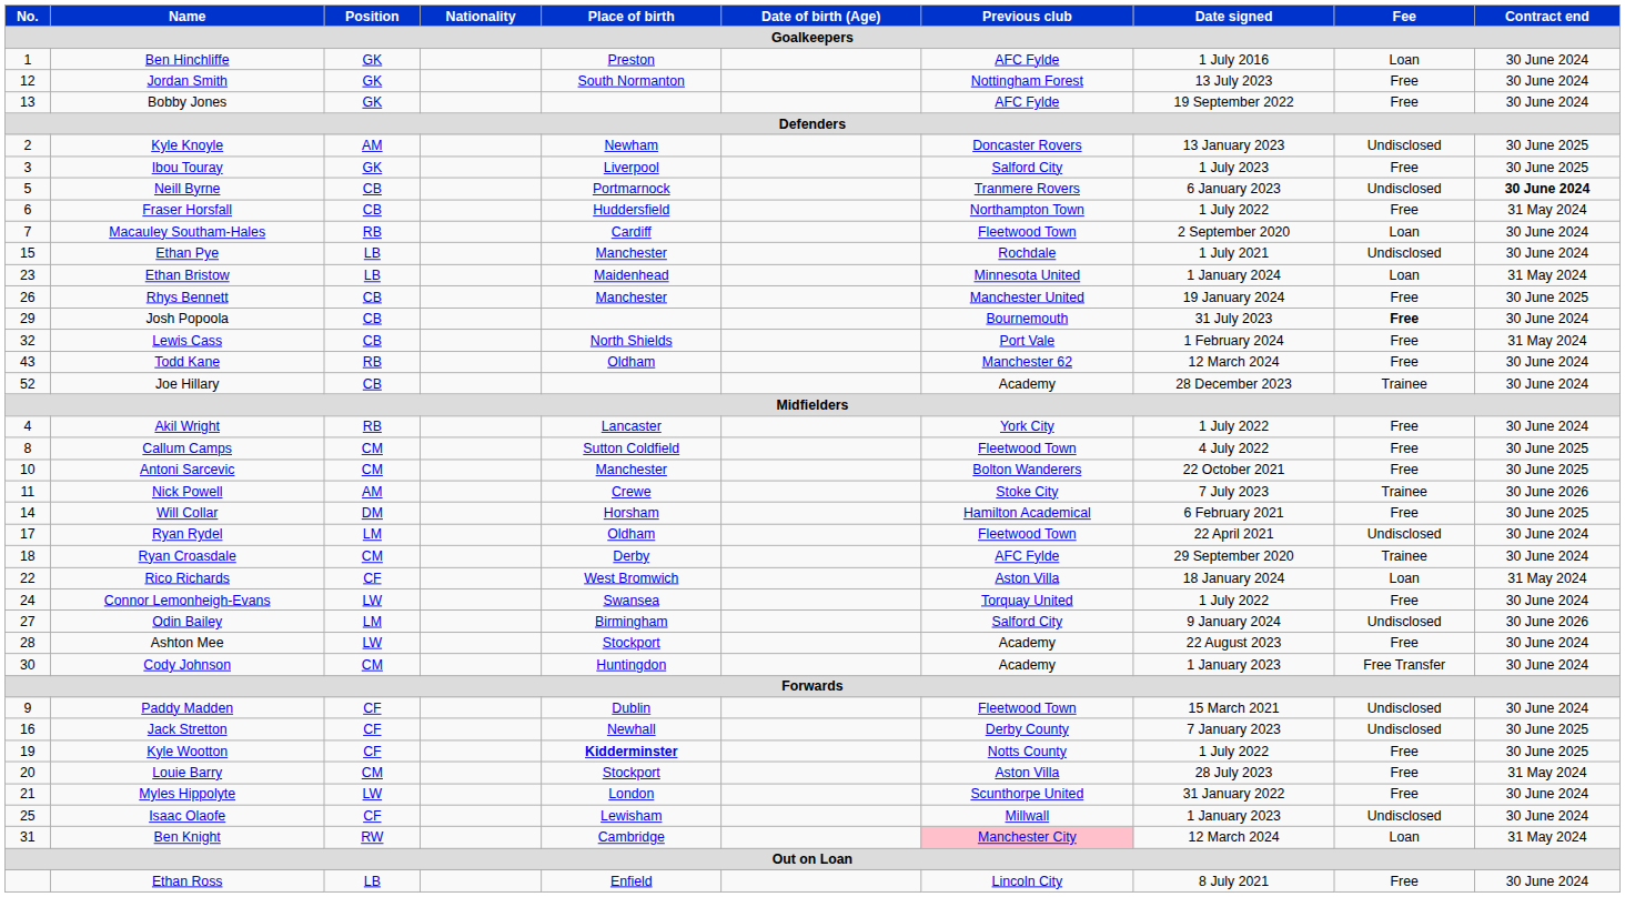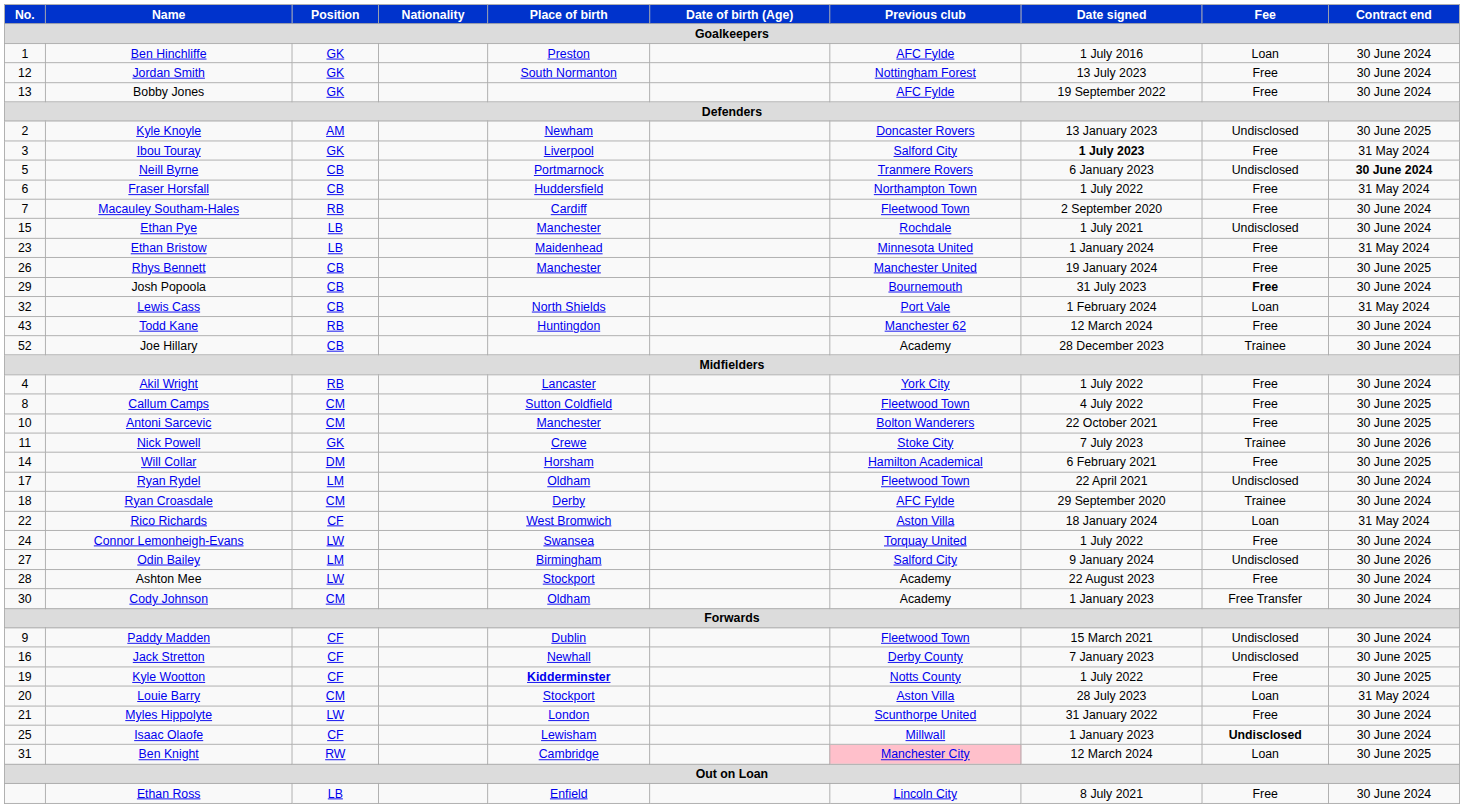 <table class="wikitable" style="text-align:center; font-size:84.5%; width:101%;">
 <tr>
 <th style="color:white; background:#03c; text-align:center;">No.</th>
 <th style="color:white; background:#03c; text-align:center;">Name</th>
 <th style="color:white; background:#03c; text-align:center;">Position</th>
 <th style="color:white; background:#03c; text-align:center;">Nationality</th>
 <th style="color:white; background:#03c; text-align:center;">Place of birth</th>
 <th style="color:white; background:#03c; text-align:center;">Date of birth (Age)</th>
 <th style="color:white; background:#03c; text-align:center;">Previous club</th>
 <th style="color:white; background:#03c; text-align:center;">Date signed</th>
 <th style="color:white; background:#03c; text-align:center;">Fee</th>
 <th style="color:white; background:#03c; text-align:center;">Contract end</th>
 </tr>
 <tr>
 <th colspan="14" style="background:#dcdcdc; tepxt-align:center;">Goalkeepers</th>
 </tr>
 <tr>
 <td>1</td>
 <td><a href='#'>Ben Hinchliffe</a></td>
 <td><a href='#'>GK</a></td>
 <td></td>
 <td><a href='#'>Preston</a></td>
 <td></td>
 <td><a href='#'>AFC Fylde</a></td>
 <td>1 July 2016</td>
 <td>Loan</td>
 <td>30 June 2024</td>
 </tr>
 <tr>
 <td>12</td>
 <td><a href='#'>Jordan Smith</a></td>
 <td><a href='#'>GK</a></td>
 <td></td>
 <td><a href='#'>South Normanton</a></td>
 <td></td>
 <td><a href='#'>Nottingham Forest</a></td>
 <td>13 July 2023</td>
 <td>Free</td>
 <td>30 June 2024</td>
 </tr>
 <tr>
 <td>13</td>
 <td>Bobby Jones</td>
 <td><a href='#'>GK</a></td>
 <td></td>
 <td></td>
 <td></td>
 <td><a href='#'>AFC Fylde</a></td>
 <td>19 September 2022</td>
 <td>Free</td>
 <td>30 June 2024</td>
 </tr>
 <tr>
 <th colspan="14" style="background:#dcdcdc; tepxt-align:center;">Defenders</th>
 </tr>
 <tr>
 <td>2</td>
 <td><a href='#'>Kyle Knoyle</a></td>
 <td><a href='#'>AM</a></td>
 <td></td>
 <td><a href='#'>Newham</a></td>
 <td></td>
 <td><a href='#'>Doncaster Rovers</a></td>
 <td>13 January 2023</td>
 <td>Undisclosed</td>
 <td>30 June 2025</td>
 </tr>
 <tr>
 <td>3</td>
 <td><a href='#'>Ibou Touray</a></td>
 <td><a href='#'>GK</a></td>
 <td></td>
 <td> <a href='#'>Liverpool</a></td>
 <td></td>
 <td><a href='#'>Salford City</a></td>
-<td>1 July 2023</td>
+<td><strong>1 July 2023</strong></td>
 <td>Free</td>
-<td>30 June 2025</td>
+<td>31 May 2024</td>
 </tr>
 <tr>
 <td>5</td>
 <td><a href='#'>Neill Byrne</a></td>
 <td><a href='#'>CB</a></td>
 <td></td>
 <td><a href='#'>Portmarnock</a></td>
 <td></td>
 <td><a href='#'>Tranmere Rovers</a></td>
 <td>6 January 2023</td>
 <td>Undisclosed</td>
 <td><strong>30 June 2024</strong></td>
 </tr>
 <tr>
 <td>6</td>
 <td><a href='#'>Fraser Horsfall</a></td>
 <td><a href='#'>CB</a></td>
 <td></td>
 <td><a href='#'>Huddersfield</a></td>
 <td></td>
 <td><a href='#'>Northampton Town</a></td>
 <td>1 July 2022</td>
 <td>Free</td>
 <td>31 May 2024</td>
 </tr>
 <tr>
 <td>7</td>
 <td><a href='#'>Macauley Southam-Hales</a></td>
 <td><a href='#'>RB</a></td>
 <td></td>
 <td><a href='#'>Cardiff</a></td>
 <td></td>
 <td><a href='#'>Fleetwood Town</a></td>
 <td>2 September 2020</td>
-<td>Loan</td>
+<td>Free</td>
 <td>30 June 2024</td>
 </tr>
 <tr>
 <td>15</td>
 <td><a href='#'>Ethan Pye</a></td>
 <td><a href='#'>LB</a></td>
 <td></td>
 <td><a href='#'>Manchester</a></td>
 <td></td>
 <td><a href='#'>Rochdale</a></td>
 <td>1 July 2021</td>
 <td>Undisclosed</td>
 <td>30 June 2024</td>
 </tr>
 <tr>
 <td>23</td>
 <td><a href='#'>Ethan Bristow</a></td>
 <td><a href='#'>LB</a></td>
 <td></td>
 <td> <a href='#'>Maidenhead</a></td>
 <td></td>
 <td> <a href='#'>Minnesota United</a></td>
 <td>1 January 2024</td>
-<td>Loan</td>
+<td>Free</td>
 <td>31 May 2024</td>
 </tr>
 <tr>
 <td>26</td>
 <td><a href='#'>Rhys Bennett</a></td>
 <td><a href='#'>CB</a></td>
 <td></td>
 <td><a href='#'>Manchester</a></td>
 <td></td>
 <td><a href='#'>Manchester United</a></td>
 <td>19 January 2024</td>
 <td>Free</td>
 <td>30 June 2025</td>
 </tr>
 <tr>
 <td>29</td>
 <td>Josh Popoola</td>
 <td><a href='#'>CB</a></td>
 <td></td>
 <td></td>
 <td></td>
 <td><a href='#'>Bournemouth</a></td>
 <td>31 July 2023</td>
 <td><strong>Free</strong></td>
 <td>30 June 2024</td>
 </tr>
 <tr>
 <td>32</td>
 <td><a href='#'>Lewis Cass</a></td>
 <td><a href='#'>CB</a></td>
 <td></td>
 <td><a href='#'>North Shields</a></td>
 <td></td>
 <td><a href='#'>Port Vale</a></td>
 <td>1 February 2024</td>
-<td>Free</td>
+<td>Loan</td>
 <td>31 May 2024</td>
 </tr>
 <tr>
 <td>43</td>
 <td><a href='#'>Todd Kane</a></td>
 <td><a href='#'>RB</a></td>
 <td></td>
-<td><a href='#'>Oldham</a></td>
+<td><a href='#'>Huntingdon</a></td>
 <td></td>
 <td> <a href='#'>Manchester 62</a></td>
 <td>12 March 2024</td>
 <td>Free</td>
 <td>30 June 2024</td>
 </tr>
 <tr>
 <td>52</td>
 <td>Joe Hillary</td>
 <td><a href='#'>CB</a></td>
 <td></td>
 <td></td>
 <td></td>
 <td>Academy</td>
 <td>28 December 2023</td>
 <td>Trainee</td>
 <td>30 June 2024</td>
 </tr>
 <tr>
 <th colspan="14" style="background:#dcdcdc; tepxt-align:center;">Midfielders</th>
 </tr>
 <tr>
 <td>4</td>
 <td><a href='#'>Akil Wright</a></td>
 <td><a href='#'>RB</a></td>
 <td></td>
 <td><a href='#'>Lancaster</a></td>
 <td></td>
 <td><a href='#'>York City</a></td>
 <td>1 July 2022</td>
 <td>Free</td>
 <td>30 June 2024</td>
 </tr>
 <tr>
 <td>8</td>
 <td><a href='#'>Callum Camps</a></td>
 <td><a href='#'>CM</a></td>
 <td></td>
 <td><a href='#'>Sutton Coldfield</a></td>
 <td></td>
 <td><a href='#'>Fleetwood Town</a></td>
 <td>4 July 2022</td>
 <td>Free</td>
 <td>30 June 2025</td>
 </tr>
 <tr>
 <td>10</td>
 <td><a href='#'>Antoni Sarcevic</a></td>
 <td><a href='#'>CM</a></td>
 <td></td>
 <td><a href='#'>Manchester</a></td>
 <td></td>
 <td><a href='#'>Bolton Wanderers</a></td>
 <td>22 October 2021</td>
 <td>Free</td>
 <td>30 June 2025</td>
 </tr>
 <tr>
 <td>11</td>
 <td><a href='#'>Nick Powell</a></td>
-<td><a href='#'>AM</a></td>
+<td><a href='#'>GK</a></td>
 <td></td>
 <td><a href='#'>Crewe</a></td>
 <td></td>
 <td><a href='#'>Stoke City</a></td>
 <td>7 July 2023</td>
 <td>Trainee</td>
 <td>30 June 2026</td>
 </tr>
 <tr>
 <td>14</td>
 <td><a href='#'>Will Collar</a></td>
 <td><a href='#'>DM</a></td>
 <td></td>
 <td><a href='#'>Horsham</a></td>
 <td></td>
 <td> <a href='#'>Hamilton Academical</a></td>
 <td>6 February 2021</td>
 <td>Free</td>
 <td>30 June 2025</td>
 </tr>
 <tr>
 <td>17</td>
 <td><a href='#'>Ryan Rydel</a></td>
 <td><a href='#'>LM</a></td>
 <td></td>
 <td><a href='#'>Oldham</a></td>
 <td></td>
 <td><a href='#'>Fleetwood Town</a></td>
 <td>22 April 2021</td>
 <td>Undisclosed</td>
 <td>30 June 2024</td>
 </tr>
 <tr>
 <td>18</td>
 <td><a href='#'>Ryan Croasdale</a></td>
 <td><a href='#'>CM</a></td>
 <td></td>
 <td><a href='#'>Derby</a></td>
 <td></td>
 <td><a href='#'>AFC Fylde</a></td>
 <td>29 September 2020</td>
 <td>Trainee</td>
 <td>30 June 2024</td>
 </tr>
 <tr>
 <td>22</td>
 <td><a href='#'>Rico Richards</a></td>
 <td><a href='#'>CF</a></td>
 <td></td>
 <td><a href='#'>West Bromwich</a></td>
 <td></td>
 <td><a href='#'>Aston Villa</a></td>
 <td>18 January 2024</td>
 <td>Loan</td>
 <td>31 May 2024</td>
 </tr>
 <tr>
 <td>24</td>
 <td><a href='#'>Connor Lemonheigh-Evans</a></td>
 <td><a href='#'>LW</a></td>
 <td></td>
 <td><a href='#'>Swansea</a></td>
 <td></td>
 <td><a href='#'>Torquay United</a></td>
 <td>1 July 2022</td>
 <td>Free</td>
 <td>30 June 2024</td>
 </tr>
 <tr>
 <td>27</td>
 <td><a href='#'>Odin Bailey</a></td>
 <td><a href='#'>LM</a></td>
 <td></td>
 <td><a href='#'>Birmingham</a></td>
 <td></td>
 <td><a href='#'>Salford City</a></td>
 <td>9 January 2024</td>
 <td>Undisclosed</td>
 <td>30 June 2026</td>
 </tr>
 <tr>
 <td>28</td>
 <td>Ashton Mee</td>
 <td><a href='#'>LW</a></td>
 <td></td>
 <td><a href='#'>Stockport</a></td>
 <td></td>
 <td>Academy</td>
 <td>22 August 2023</td>
 <td>Free</td>
 <td>30 June 2024</td>
 </tr>
 <tr>
 <td>30</td>
 <td><a href='#'>Cody Johnson</a></td>
 <td><a href='#'>CM</a></td>
 <td></td>
-<td><a href='#'>Huntingdon</a></td>
+<td><a href='#'>Oldham</a></td>
 <td></td>
 <td>Academy</td>
 <td>1 January 2023</td>
 <td>Free Transfer</td>
 <td>30 June 2024</td>
 </tr>
 <tr>
 <th colspan="14" style="background:#dcdcdc; tepxt-align:center;">Forwards</th>
 </tr>
 <tr>
 <td>9</td>
 <td><a href='#'>Paddy Madden</a></td>
 <td><a href='#'>CF</a></td>
 <td></td>
 <td><a href='#'>Dublin</a></td>
 <td></td>
 <td><a href='#'>Fleetwood Town</a></td>
 <td>15 March 2021</td>
 <td>Undisclosed</td>
 <td>30 June 2024</td>
 </tr>
 <tr>
 <td>16</td>
 <td><a href='#'>Jack Stretton</a></td>
 <td><a href='#'>CF</a></td>
 <td></td>
 <td><a href='#'>Newhall</a></td>
 <td></td>
 <td><a href='#'>Derby County</a></td>
 <td>7 January 2023</td>
 <td>Undisclosed</td>
 <td>30 June 2025</td>
 </tr>
 <tr>
 <td>19</td>
 <td><a href='#'>Kyle Wootton</a></td>
 <td><a href='#'>CF</a></td>
 <td></td>
 <td><strong><a href='#'>Kidderminster</a></strong></td>
 <td></td>
 <td><a href='#'>Notts County</a></td>
 <td>1 July 2022</td>
 <td>Free</td>
 <td>30 June 2025</td>
 </tr>
 <tr>
 <td>20</td>
 <td><a href='#'>Louie Barry</a></td>
 <td><a href='#'>CM</a></td>
 <td></td>
 <td> <a href='#'>Stockport</a></td>
 <td></td>
 <td><a href='#'>Aston Villa</a></td>
 <td>28 July 2023</td>
-<td>Free</td>
+<td>Loan</td>
 <td>31 May 2024</td>
 </tr>
 <tr>
 <td>21</td>
 <td><a href='#'>Myles Hippolyte</a></td>
 <td><a href='#'>LW</a></td>
 <td></td>
 <td> <a href='#'>London</a></td>
 <td></td>
 <td><a href='#'>Scunthorpe United</a></td>
 <td>31 January 2022</td>
 <td>Free</td>
 <td>30 June 2024</td>
 </tr>
 <tr>
 <td>25</td>
 <td><a href='#'>Isaac Olaofe</a></td>
 <td><a href='#'>CF</a></td>
 <td></td>
 <td><a href='#'>Lewisham</a></td>
 <td></td>
 <td><a href='#'>Millwall</a></td>
 <td>1 January 2023</td>
-<td>Undisclosed</td>
+<td><strong>Undisclosed</strong></td>
 <td>30 June 2024</td>
 </tr>
 <tr>
 <td>31</td>
 <td><a href='#'>Ben Knight</a></td>
 <td><a href='#'>RW</a></td>
 <td></td>
 <td><a href='#'>Cambridge</a></td>
 <td></td>
 <td style="background: pink;"><a href='#'>Manchester City</a></td>
 <td>12 March 2024</td>
 <td>Loan</td>
-<td>31 May 2024</td>
+<td>30 June 2025</td>
 </tr>
 <tr>
 <th colspan="14" style="background:#dcdcdc; tepxt-align:center;">Out on Loan</th>
 </tr>
 <tr>
 <td></td>
 <td><a href='#'>Ethan Ross</a></td>
 <td><a href='#'>LB</a></td>
 <td></td>
 <td><a href='#'>Enfield</a></td>
 <td></td>
 <td><a href='#'>Lincoln City</a></td>
 <td>8 July 2021</td>
 <td>Free</td>
 <td>30 June 2024</td>
 </tr>
 </table>
